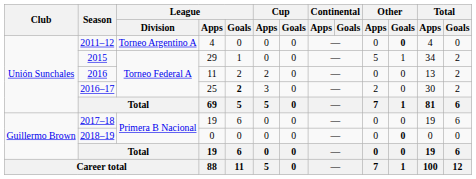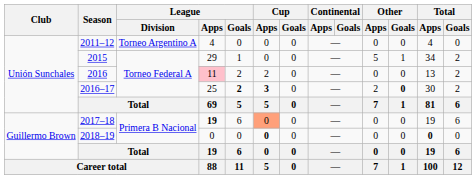 <table class="wikitable" style="text-align:center">
 <tr>
 <th rowspan="2">Club</th>
 <th rowspan="2">Season</th>
 <th colspan="3">League</th>
 <th colspan="2">Cup</th>
 <th colspan="2">Continental</th>
 <th colspan="2">Other</th>
 <th colspan="2">Total</th>
 </tr>
 <tr>
 <th>Division</th>
 <th>Apps</th>
 <th>Goals</th>
 <th>Apps</th>
 <th>Goals</th>
 <th>Apps</th>
 <th>Goals</th>
 <th>Apps</th>
 <th>Goals</th>
 <th>Apps</th>
 <th>Goals</th>
 </tr>
 <tr>
 <td rowspan="5"><a href='#'>Unión Sunchales</a></td>
 <td><a href='#'>2011–12</a></td>
 <td rowspan="1"><a href='#'>Torneo Argentino A</a></td>
 <td>4</td>
 <td>0</td>
 <td>0</td>
 <td>0</td>
 <td colspan="2">—</td>
 <td>0</td>
-<td><strong>0</strong></td>
+<td>0</td>
 <td>4</td>
 <td>0</td>
 </tr>
 <tr>
 <td><a href='#'>2015</a></td>
 <td rowspan="3"><a href='#'>Torneo Federal A</a></td>
 <td>29</td>
 <td>1</td>
 <td>0</td>
 <td>0</td>
 <td colspan="2">—</td>
 <td>5</td>
 <td>1</td>
 <td>34</td>
 <td>2</td>
 </tr>
 <tr>
 <td><a href='#'>2016</a></td>
-<td>11</td>
+<td style="background: pink;">11</td>
 <td>2</td>
 <td>2</td>
 <td>0</td>
 <td colspan="2">—</td>
 <td>0</td>
 <td>0</td>
 <td>13</td>
 <td>2</td>
 </tr>
 <tr>
 <td><a href='#'>2016–17</a></td>
 <td>25</td>
 <td><strong>2</strong></td>
-<td>3</td>
+<td><strong>3</strong></td>
 <td>0</td>
 <td colspan="2">—</td>
 <td>2</td>
-<td>0</td>
+<td><strong>0</strong></td>
 <td>30</td>
 <td>2</td>
 </tr>
 <tr>
 <th colspan="2">Total</th>
 <th>69</th>
 <th>5</th>
 <th>5</th>
 <th>0</th>
 <th colspan="2">—</th>
 <th>7</th>
 <th>1</th>
 <th>81</th>
 <th>6</th>
 </tr>
 <tr>
 <td rowspan="3"><a href='#'>Guillermo Brown</a></td>
 <td><a href='#'>2017–18</a></td>
 <td rowspan="2"><a href='#'>Primera B Nacional</a></td>
-<td>19</td>
+<td><strong>19</strong></td>
 <td>6</td>
-<td>0</td>
+<td style="background: lightsalmon;">0</td>
 <td>0</td>
 <td colspan="2">—</td>
 <td>0</td>
 <td>0</td>
 <td>19</td>
 <td>6</td>
 </tr>
 <tr>
 <td><a href='#'>2018–19</a></td>
 <td>0</td>
 <td>0</td>
-<td>0</td>
+<td><strong>0</strong></td>
 <td>0</td>
 <td colspan="2">—</td>
 <td>0</td>
+<td>0</td>
 <td><strong>0</strong></td>
-<td>0</td>
 <td>0</td>
 </tr>
 <tr>
 <th colspan="2">Total</th>
 <th>19</th>
 <th>6</th>
 <th>0</th>
 <th>0</th>
 <th colspan="2">—</th>
 <th>0</th>
 <th>0</th>
 <th>19</th>
 <th>6</th>
 </tr>
 <tr>
 <th colspan="3">Career total</th>
 <th>88</th>
 <th>11</th>
 <th>5</th>
 <th>0</th>
 <th colspan="2">—</th>
 <th>7</th>
 <th>1</th>
 <th>100</th>
 <th>12</th>
 </tr>
 </table>
